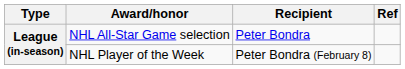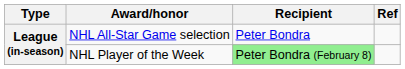 <table class="wikitable">
 <tr>
 <th scope="col">Type</th>
 <th scope="col">Award/honor</th>
 <th scope="col">Recipient</th>
 <th scope="col">Ref</th>
 </tr>
 <tr>
 <th scope="row" rowspan="2">League<br><small>(in-season)</small></th>
 <td><a href='#'>NHL All-Star Game</a> selection</td>
 <td><a href='#'>Peter Bondra</a></td>
 <td></td>
 </tr>
 <tr>
 <td>NHL Player of the Week</td>
-<td>Peter Bondra <small>(February 8)</small></td>
+<td style="background: lightgreen;">Peter Bondra <small>(February 8)</small></td>
 <td></td>
 </tr>
 </table>
